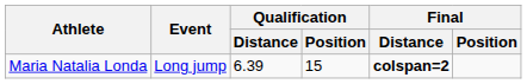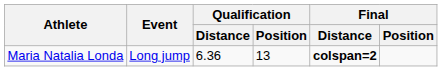 <table class="wikitable">
 <tr>
 <th rowspan="2">Athlete</th>
 <th rowspan="2">Event</th>
 <th colspan="2">Qualification</th>
 <th colspan="2">Final</th>
 </tr>
 <tr>
 <th>Distance</th>
 <th>Position</th>
 <th>Distance</th>
 <th>Position</th>
 </tr>
 <tr>
 <td><a href='#'>Maria Natalia Londa</a></td>
 <td><a href='#'>Long jump</a></td>
-<td>6.39</td>
-<td>15</td>
+<td>6.36</td>
+<td>13</td>
 <td><strong>colspan=2 </strong></td>
 </tr>
 </table>
